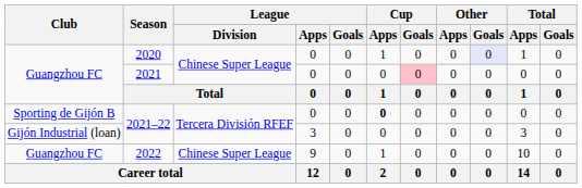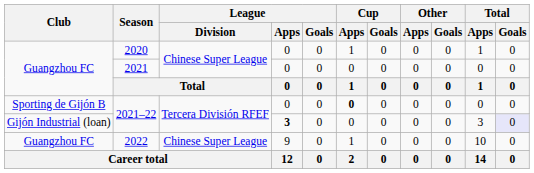 <table class="wikitable" style="text-align: center;">
 <tr>
 <th rowspan=2>Club</th>
 <th rowspan=2>Season</th>
 <th colspan=3>League</th>
 <th colspan=2>Cup</th>
 <th colspan=2>Other</th>
 <th colspan=2>Total</th>
 </tr>
 <tr>
 <th>Division</th>
 <th>Apps</th>
 <th>Goals</th>
 <th>Apps</th>
 <th>Goals</th>
 <th>Apps</th>
 <th>Goals</th>
 <th>Apps</th>
 <th>Goals</th>
 </tr>
 <tr>
 <td rowspan=3><a href='#'>Guangzhou FC</a></td>
 <td><a href='#'>2020</a></td>
 <td rowspan=2><a href='#'>Chinese Super League</a></td>
 <td>0</td>
 <td>0</td>
 <td>1</td>
 <td>0</td>
 <td>0</td>
-<td style="background: lavender;">0</td>
+<td>0</td>
 <td>1</td>
 <td>0</td>
 </tr>
 <tr>
 <td><a href='#'>2021</a></td>
 <td>0</td>
 <td>0</td>
 <td>0</td>
-<td style="background: pink;">0</td>
+<td>0</td>
 <td>0</td>
 <td>0</td>
 <td>0</td>
 <td>0</td>
 </tr>
 <tr>
 <th colspan=2>Total</th>
 <th>0</th>
 <th>0</th>
 <th>1</th>
 <th>0</th>
 <th>0</th>
 <th>0</th>
 <th>1</th>
 <th>0</th>
 </tr>
 <tr>
 <td><a href='#'>Sporting de Gijón B</a></td>
 <td rowspan=2><a href='#'>2021–22</a></td>
 <td rowspan=2><a href='#'>Tercera División RFEF</a></td>
 <td>0</td>
 <td>0</td>
 <td><strong>0</strong></td>
 <td>0</td>
 <td>0</td>
 <td>0</td>
 <td>0</td>
 <td>0</td>
 </tr>
 <tr>
 <td><a href='#'>Gijón Industrial</a> (loan)</td>
-<td>3</td>
+<td><strong>3</strong></td>
 <td>0</td>
 <td>0</td>
 <td>0</td>
 <td>0</td>
 <td>0</td>
 <td>3</td>
-<td>0</td>
+<td style="background: lavender;">0</td>
 </tr>
 <tr>
 <td><a href='#'>Guangzhou FC</a></td>
 <td><a href='#'>2022</a></td>
 <td><a href='#'>Chinese Super League</a></td>
 <td>9</td>
 <td>0</td>
 <td>1</td>
 <td>0</td>
 <td>0</td>
 <td>0</td>
 <td>10</td>
 <td>0</td>
 </tr>
 <tr>
 <th colspan=3>Career total</th>
 <th>12</th>
 <th>0</th>
 <th>2</th>
 <th>0</th>
 <th>0</th>
 <th>0</th>
 <th>14</th>
 <th>0</th>
 </tr>
 </table>
